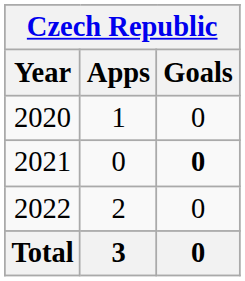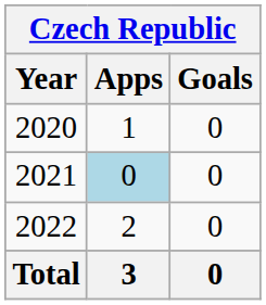 <table class="wikitable" style="text-align:center">
 <tr>
 <th colspan=3><a href='#'>Czech Republic</a></th>
 </tr>
 <tr>
 <th>Year</th>
 <th>Apps</th>
 <th>Goals</th>
 </tr>
 <tr>
 <td>2020</td>
 <td>1</td>
 <td>0</td>
 </tr>
 <tr>
 <td>2021</td>
+<td style="background: lightblue;">0</td>
 <td>0</td>
-<td><strong>0</strong></td>
 </tr>
 <tr>
 <td>2022</td>
 <td>2</td>
 <td>0</td>
 </tr>
 <tr>
 <th>Total</th>
 <th>3</th>
 <th>0</th>
 </tr>
 </table>
